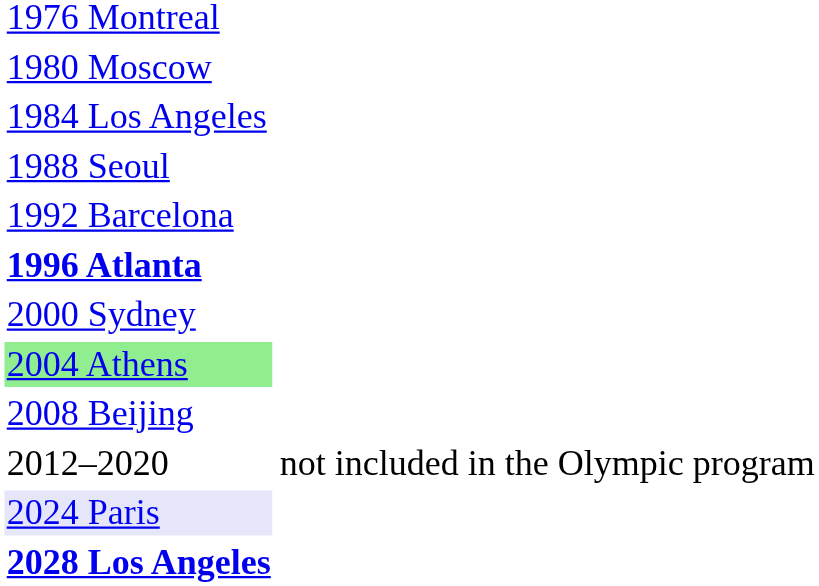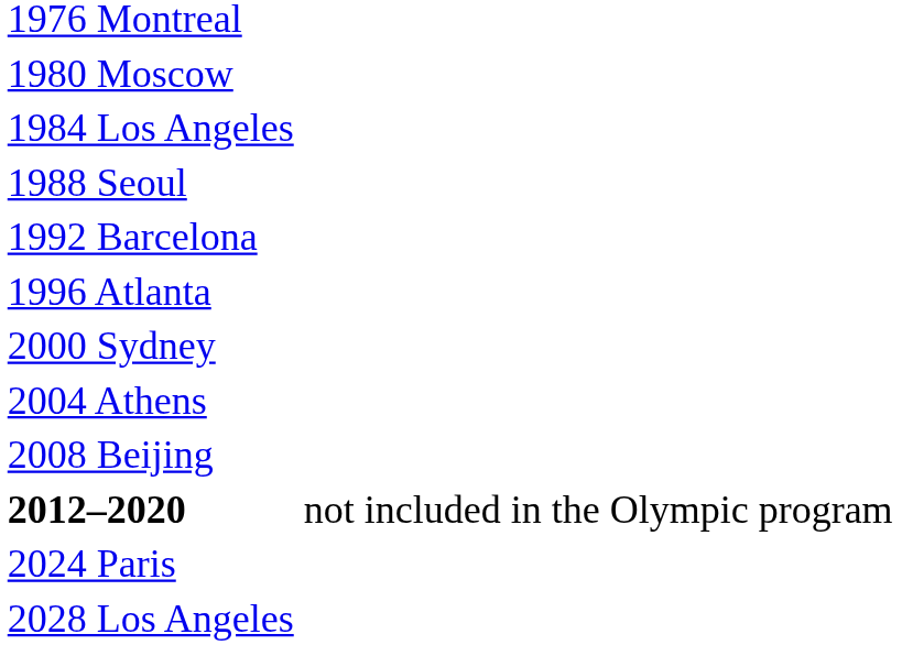 <table>
 <tr valign="top">
 <td><a href='#'>1976 Montreal</a><br></td>
 <td></td>
 <td></td>
 <td></td>
 </tr>
 <tr>
 <td><a href='#'>1980 Moscow</a><br></td>
 <td></td>
 <td></td>
 <td></td>
 </tr>
 <tr>
 <td><a href='#'>1984 Los Angeles</a><br></td>
 <td></td>
 <td></td>
 <td></td>
 </tr>
 <tr>
 <td><a href='#'>1988 Seoul</a><br></td>
 <td></td>
 <td></td>
 <td></td>
 </tr>
 <tr>
 <td><a href='#'>1992 Barcelona</a><br></td>
 <td></td>
 <td></td>
 <td></td>
 </tr>
 <tr>
-<td><strong><a href='#'>1996 Atlanta</a><br></strong></td>
+<td><a href='#'>1996 Atlanta</a><br></td>
 <td></td>
 <td></td>
 <td></td>
 </tr>
 <tr>
 <td><a href='#'>2000 Sydney</a><br></td>
 <td></td>
 <td></td>
 <td></td>
 </tr>
 <tr>
-<td style="background: lightgreen;"><a href='#'>2004 Athens</a><br></td>
+<td><a href='#'>2004 Athens</a><br></td>
 <td></td>
 <td></td>
 <td></td>
 </tr>
 <tr>
 <td><a href='#'>2008 Beijing</a><br></td>
 <td></td>
 <td></td>
 <td></td>
 </tr>
 <tr>
-<td>2012–2020</td>
+<td><strong>2012–2020</strong></td>
 <td colspan=3 align=center>not included in the Olympic program</td>
 </tr>
 <tr>
-<td style="background: lavender;"><a href='#'>2024 Paris</a> <br></td>
+<td><a href='#'>2024 Paris</a> <br></td>
 <td></td>
 <td></td>
 <td></td>
 </tr>
 <tr>
-<td><strong><a href='#'>2028 Los Angeles</a><br></strong></td>
+<td><a href='#'>2028 Los Angeles</a><br></td>
 <td></td>
 <td></td>
 <td></td>
 </tr>
 <tr>
 </tr>
 </table>
